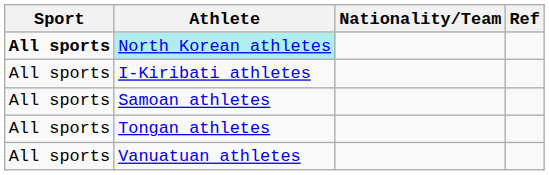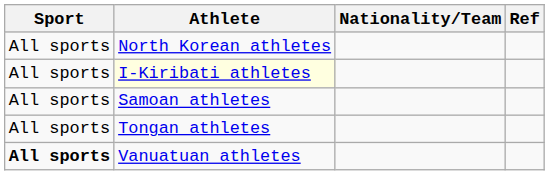 <table class="wikitable sortable">
 <tr>
 <th>Sport</th>
 <th>Athlete</th>
 <th>Nationality/Team</th>
 <th>Ref</th>
 </tr>
 <tr>
-<td><strong>All sports</strong></td>
-<td style="background: paleturquoise;"><a href='#'>North Korean athletes</a></td>
+<td>All sports</td>
+<td><a href='#'>North Korean athletes</a></td>
 <td></td>
 <td></td>
 </tr>
 <tr>
 <td>All sports</td>
-<td><a href='#'>I-Kiribati athletes</a></td>
+<td style="background: lightyellow;"><a href='#'>I-Kiribati athletes</a></td>
 <td></td>
 <td></td>
 </tr>
 <tr>
 <td>All sports</td>
 <td><a href='#'>Samoan athletes</a></td>
 <td></td>
 <td></td>
 </tr>
 <tr>
 <td>All sports</td>
 <td><a href='#'>Tongan athletes</a></td>
 <td></td>
 <td></td>
 </tr>
 <tr>
-<td>All sports</td>
+<td><strong>All sports</strong></td>
 <td><a href='#'>Vanuatuan athletes</a></td>
 <td></td>
 <td></td>
 </tr>
 </table>
